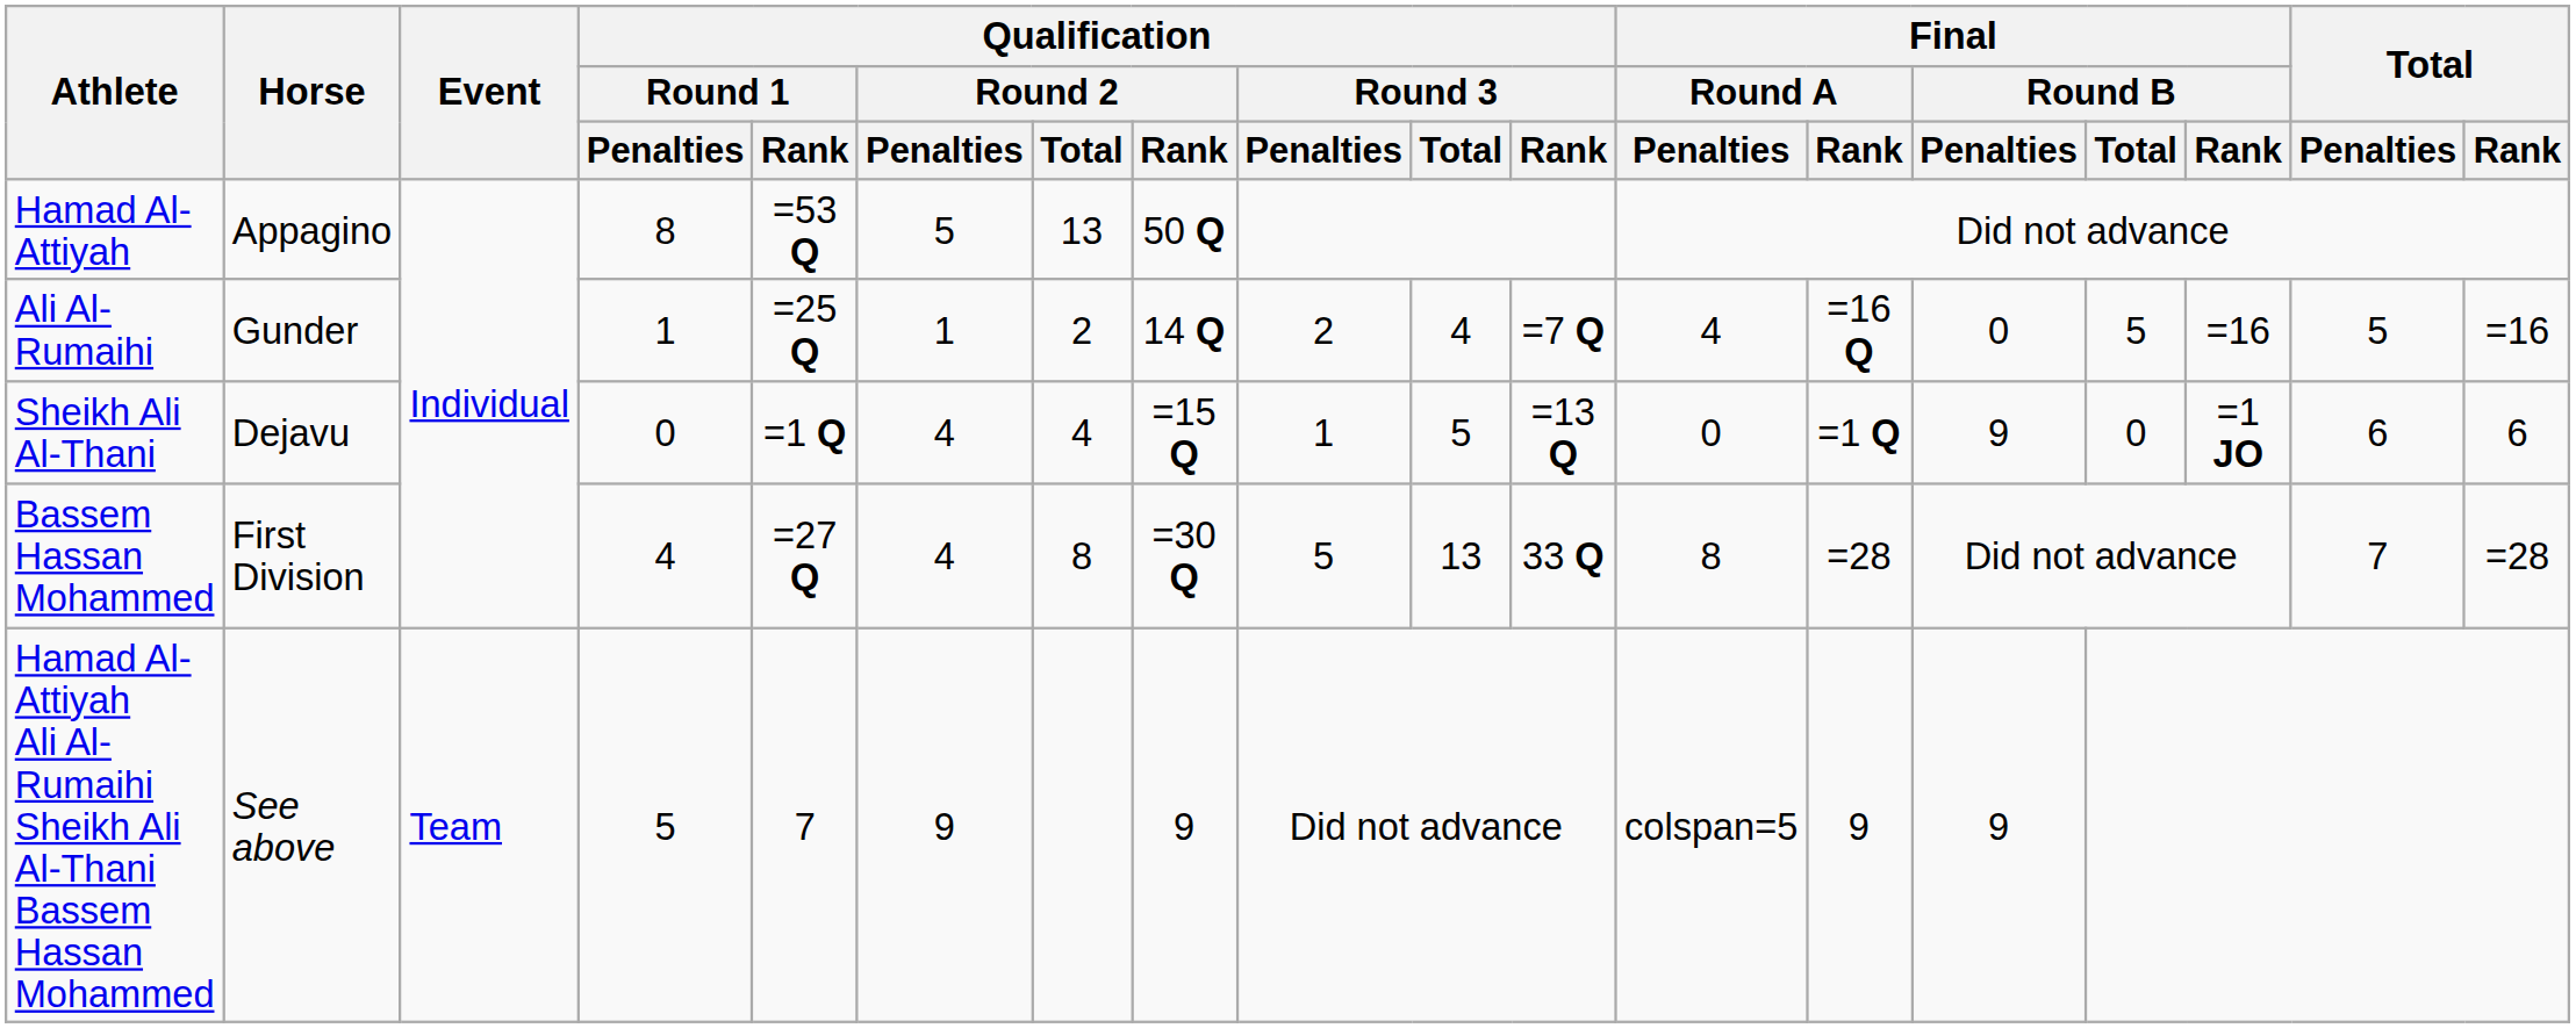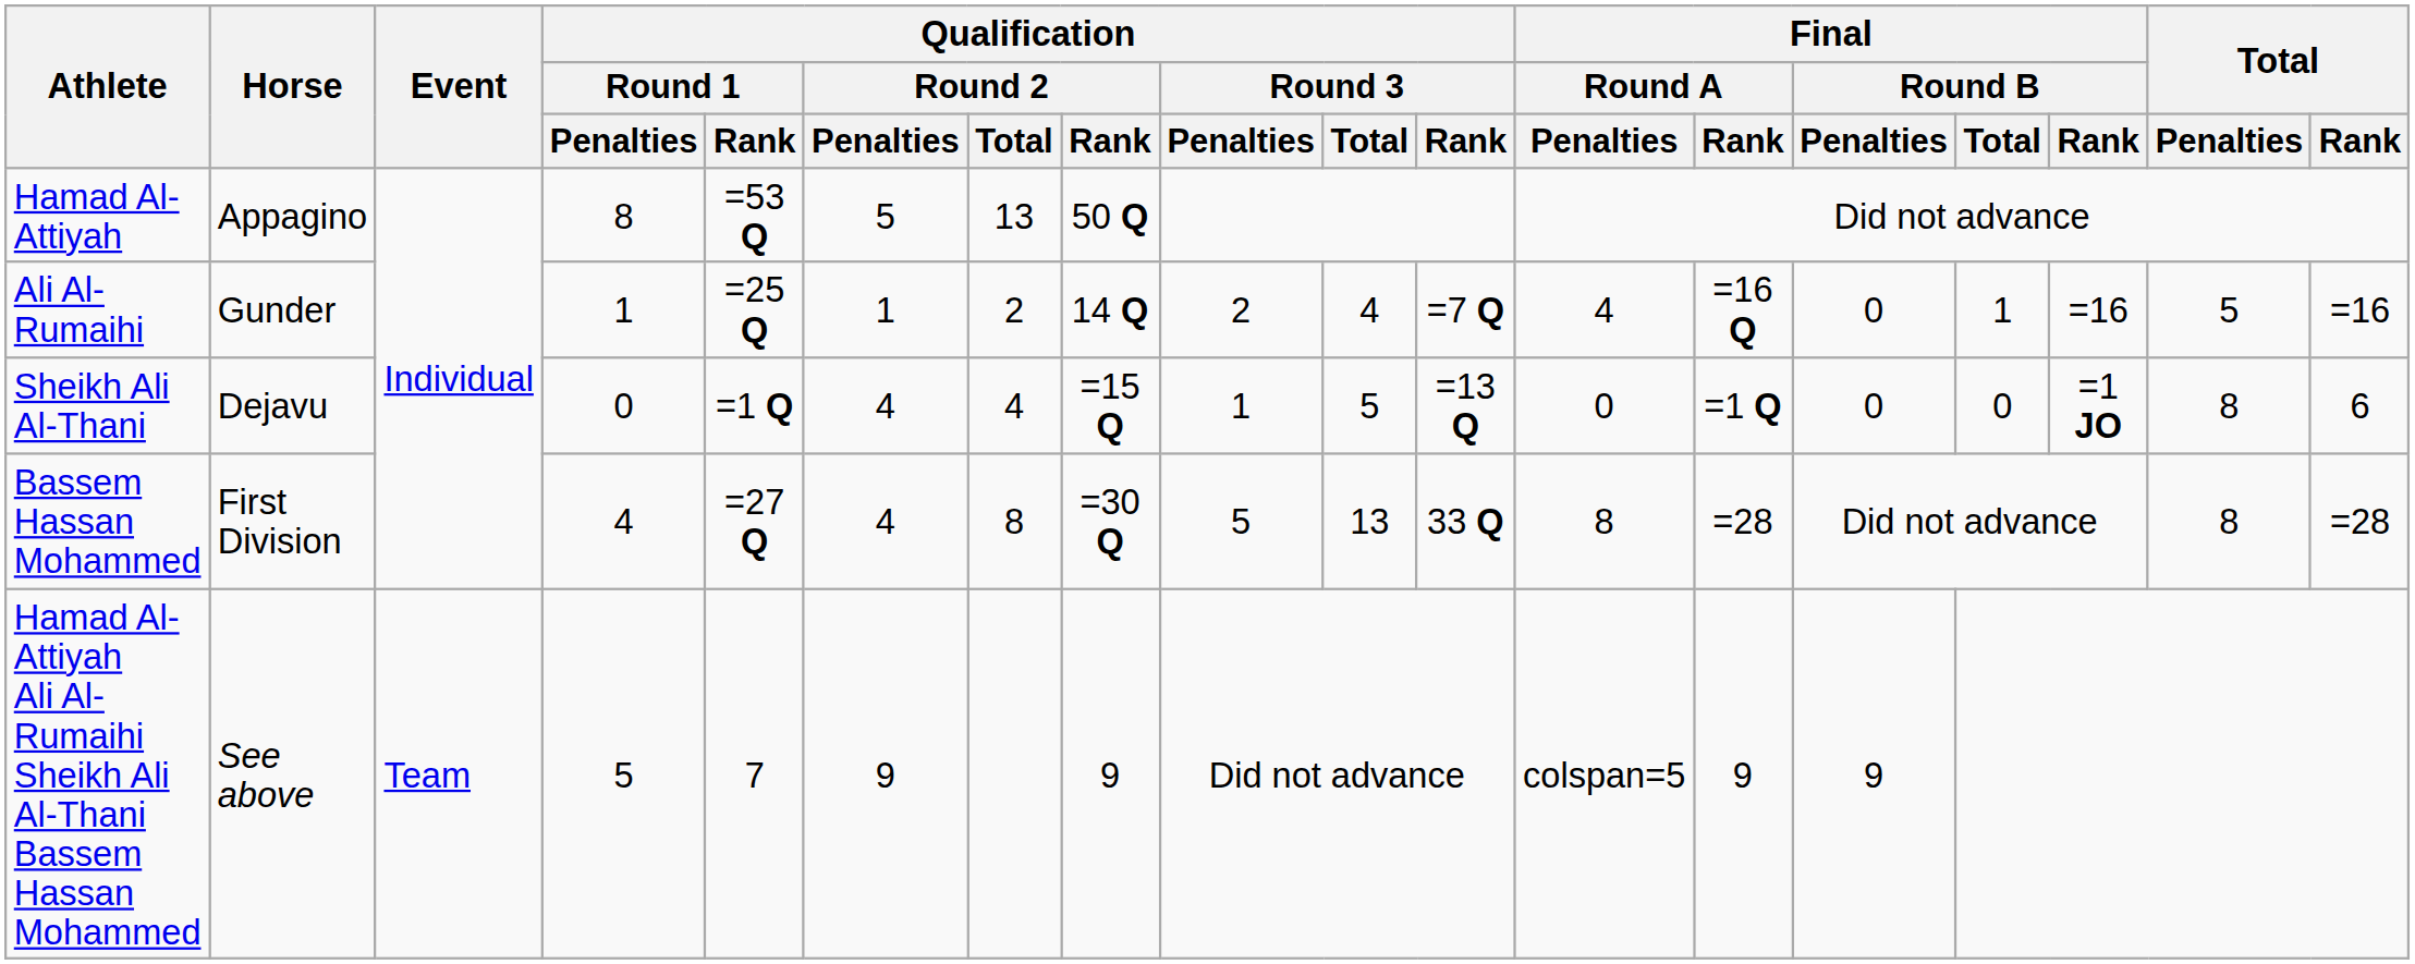 <table class="wikitable" style="font-size:90%">
 <tr>
 <th rowspan="3">Athlete</th>
 <th rowspan="3">Horse</th>
 <th rowspan="3">Event</th>
 <th colspan="8">Qualification</th>
 <th colspan="5">Final</th>
 <th rowspan=2 colspan="2">Total</th>
 </tr>
 <tr style="font-size:95%">
 <th colspan="2">Round 1</th>
 <th colspan="3">Round 2</th>
 <th colspan="3">Round 3</th>
 <th colspan="2">Round A</th>
 <th colspan="3">Round B</th>
 </tr>
 <tr style="font-size:95%">
 <th>Penalties</th>
 <th>Rank</th>
 <th>Penalties</th>
 <th>Total</th>
 <th>Rank</th>
 <th>Penalties</th>
 <th>Total</th>
 <th>Rank</th>
 <th>Penalties</th>
 <th>Rank</th>
 <th>Penalties</th>
 <th>Total</th>
 <th>Rank</th>
 <th>Penalties</th>
 <th>Rank</th>
 </tr>
 <tr align=center>
 <td align=left><a href='#'>Hamad Al-Attiyah</a></td>
 <td align=left>Appagino</td>
 <td align=left rowspan=4><a href='#'>Individual</a></td>
 <td>8</td>
 <td>=53 <strong>Q</strong></td>
 <td>5</td>
 <td>13</td>
 <td>50 <strong>Q</strong></td>
 <td colspan=3></td>
 <td colspan=7>Did not advance</td>
 </tr>
 <tr align=center>
 <td align=left><a href='#'>Ali Al-Rumaihi</a></td>
 <td align=left>Gunder</td>
 <td>1</td>
 <td>=25 <strong>Q</strong></td>
 <td>1</td>
 <td>2</td>
 <td>14 <strong>Q</strong></td>
 <td>2</td>
 <td>4</td>
 <td>=7 <strong>Q</strong></td>
 <td>4</td>
 <td>=16 <strong>Q</strong></td>
 <td>0</td>
-<td>5</td>
+<td>1</td>
 <td>=16</td>
 <td>5</td>
 <td>=16</td>
 </tr>
 <tr align=center>
 <td align=left><a href='#'>Sheikh Ali Al-Thani</a></td>
 <td align=left>Dejavu</td>
 <td>0</td>
 <td>=1 <strong>Q</strong></td>
 <td>4</td>
 <td>4</td>
 <td>=15 <strong>Q</strong></td>
 <td>1</td>
 <td>5</td>
 <td>=13 <strong>Q</strong></td>
 <td>0</td>
 <td>=1 <strong>Q</strong></td>
-<td>9</td>
+<td>0</td>
 <td>0</td>
 <td>=1 <strong>JO</strong></td>
-<td>6</td>
+<td>8</td>
 <td>6</td>
 </tr>
 <tr align=center>
 <td align=left><a href='#'>Bassem Hassan Mohammed</a></td>
 <td align=left>First Division</td>
 <td>4</td>
 <td>=27 <strong>Q</strong></td>
 <td>4</td>
 <td>8</td>
 <td>=30 <strong>Q</strong></td>
 <td>5</td>
 <td>13</td>
 <td>33 <strong>Q</strong></td>
 <td>8</td>
 <td>=28</td>
 <td colspan=3>Did not advance</td>
-<td>7</td>
+<td>8</td>
 <td>=28</td>
 </tr>
 <tr align=center>
 <td align=left><a href='#'>Hamad Al-Attiyah</a><br><a href='#'>Ali Al-Rumaihi</a><br><a href='#'>Sheikh Ali Al-Thani</a><br><a href='#'>Bassem Hassan Mohammed</a></td>
 <td align=left><em>See above</em></td>
 <td align=left><a href='#'>Team</a></td>
 <td>5</td>
 <td>7</td>
 <td>9</td>
 <td></td>
 <td>9</td>
 <td colspan=3>Did not advance</td>
 <td>colspan=5 </td>
 <td>9</td>
 <td>9</td>
 </tr>
 </table>
